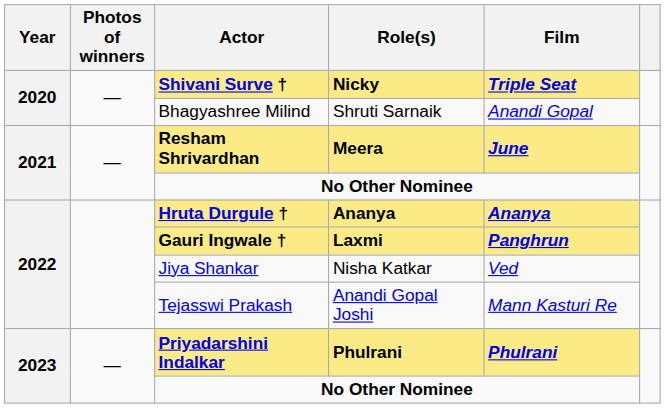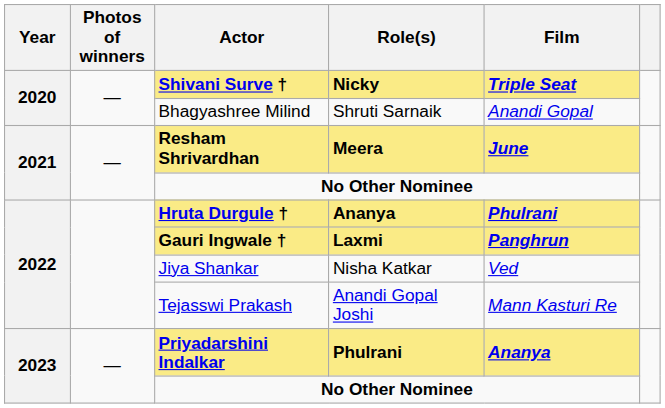 <table class="wikitable sortable" style="text-align:left;">
 <tr>
 <th scope="col" style="width:5%; text-align:center;">Year</th>
 <th scope="col" style="width:3%;text-align:center;">Photos of winners</th>
 <th scope="col" style="width:15%;text-align:center;">Actor</th>
 <th scope="col" style="width:15%;text-align:center;">Role(s)</th>
 <th scope="col" style="width:15%;text-align:center;">Film</th>
 <th scope="col" style="width:2%;" class="unsortable"></th>
 </tr>
 <tr>
 <th scope="row" rowspan=2 style="text-align:center">2020</th>
 <td rowspan=2 style="text-align:center">—</td>
 <td style="background:#FAEB86;"><strong><a href='#'>Shivani Surve</a> †</strong></td>
 <td style="background:#FAEB86;"><strong>Nicky</strong></td>
 <td style="background:#FAEB86;"><strong><em><a href='#'>Triple Seat</a></em></strong></td>
 <td rowspan=2></td>
 </tr>
 <tr>
 <td>Bhagyashree Milind</td>
 <td>Shruti Sarnaik</td>
 <td><em><a href='#'>Anandi Gopal</a></em></td>
 </tr>
 <tr>
 <th scope="row" rowspan=2 style="text-align:center">2021</th>
 <td rowspan=2 style="text-align:center">—</td>
 <td style="background:#FAEB86;"><strong>Resham Shrivardhan</strong> </td>
 <td style="background:#FAEB86;"><strong> Meera</strong></td>
 <td style="background:#FAEB86;"><strong><em><a href='#'>June</a></em></strong></td>
 <td rowspan="2"></td>
 </tr>
 <tr>
 <td colspan =3 style="text-align:center"><strong>No Other Nominee</strong></td>
 </tr>
 <tr>
 <th scope="row" rowspan=4 style="text-align:center">2022</th>
 <td rowspan=4 style="text-align:center"></td>
 <td style="background:#FAEB86;"><strong><a href='#'>Hruta Durgule</a> †</strong></td>
 <td style="background:#FAEB86;"><strong> Ananya</strong></td>
-<td style="background:#FAEB86;"><strong><em><a href='#'>Ananya</a></em></strong></td>
+<td style="background:#FAEB86;"><strong><em><a href='#'>Phulrani</a></em></strong></td>
 <td rowspan=4></td>
 </tr>
 <tr>
 <td style="background:#FAEB86;"><strong>Gauri Ingwale †</strong></td>
 <td style="background:#FAEB86;"><strong>Laxmi </strong></td>
 <td style="background:#FAEB86;"><strong><em><a href='#'>Panghrun</a></em></strong></td>
 </tr>
 <tr>
 <td><a href='#'>Jiya Shankar</a></td>
 <td>Nisha Katkar</td>
 <td><em><a href='#'>Ved</a></em></td>
 </tr>
 <tr>
 <td><a href='#'>Tejasswi Prakash</a></td>
 <td><a href='#'>Anandi Gopal Joshi</a></td>
 <td><em><a href='#'>Mann Kasturi Re</a></em></td>
 </tr>
 <tr>
 <th scope="row" rowspan=2 style="text-align:center">2023</th>
 <td rowspan=2 style="text-align:center">—</td>
 <td style="background:#FAEB86;"><strong><a href='#'>Priyadarshini  Indalkar</a></strong> </td>
 <td style="background:#FAEB86;"><strong>Phulrani</strong></td>
-<td style="background:#FAEB86;"><strong><em><a href='#'>Phulrani</a></em></strong></td>
+<td style="background:#FAEB86;"><strong><em><a href='#'>Ananya</a></em></strong></td>
 <td rowspan="2"></td>
 </tr>
 <tr>
 <td colspan =3 style="text-align:center"><strong>No Other Nominee</strong></td>
 </tr>
 </table>
